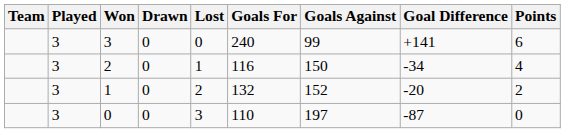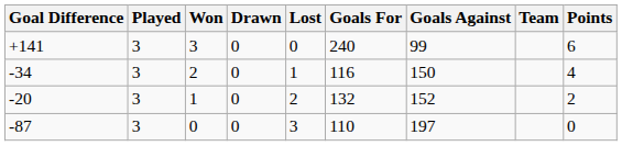 <table class="wikitable">
 <tr>
-<th>Team</th>
+<th>Goal Difference</th>
 <th>Played</th>
 <th>Won</th>
 <th>Drawn</th>
 <th>Lost</th>
 <th>Goals For</th>
 <th>Goals Against</th>
-<th>Goal Difference</th>
+<th>Team</th>
 <th>Points</th>
 </tr>
 <tr>
-<td></td>
+<td>+141</td>
 <td>3</td>
 <td>3</td>
 <td>0</td>
 <td>0</td>
 <td>240</td>
 <td>99</td>
-<td>+141</td>
+<td></td>
 <td>6</td>
 </tr>
 <tr>
-<td></td>
+<td>-34</td>
 <td>3</td>
 <td>2</td>
 <td>0</td>
 <td>1</td>
 <td>116</td>
 <td>150</td>
-<td>-34</td>
+<td></td>
 <td>4</td>
 </tr>
 <tr>
-<td></td>
+<td>-20</td>
 <td>3</td>
 <td>1</td>
 <td>0</td>
 <td>2</td>
 <td>132</td>
 <td>152</td>
-<td>-20</td>
+<td></td>
 <td>2</td>
 </tr>
 <tr>
-<td></td>
+<td>-87</td>
 <td>3</td>
 <td>0</td>
 <td>0</td>
 <td>3</td>
 <td>110</td>
 <td>197</td>
-<td>-87</td>
+<td></td>
 <td>0</td>
 </tr>
 </table>
